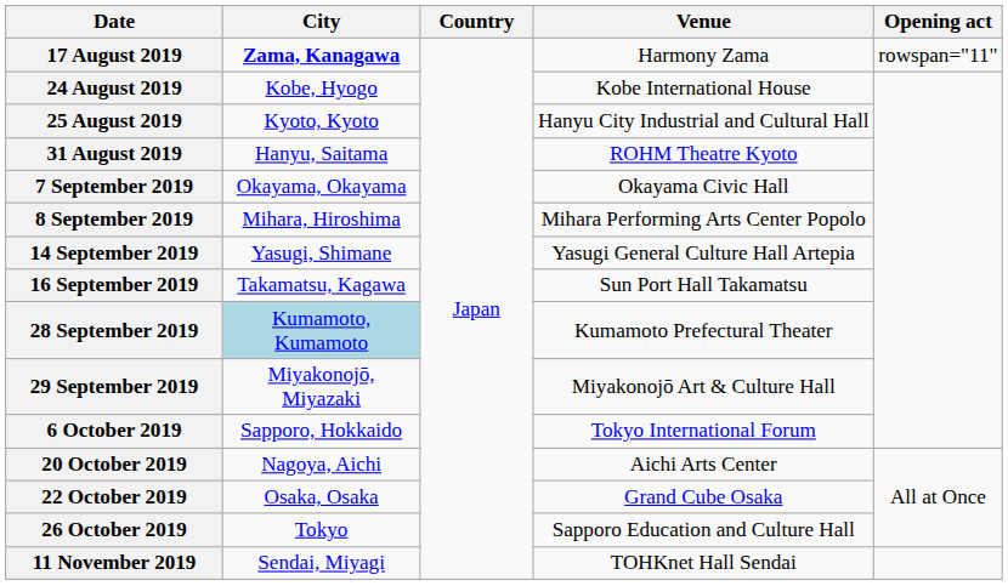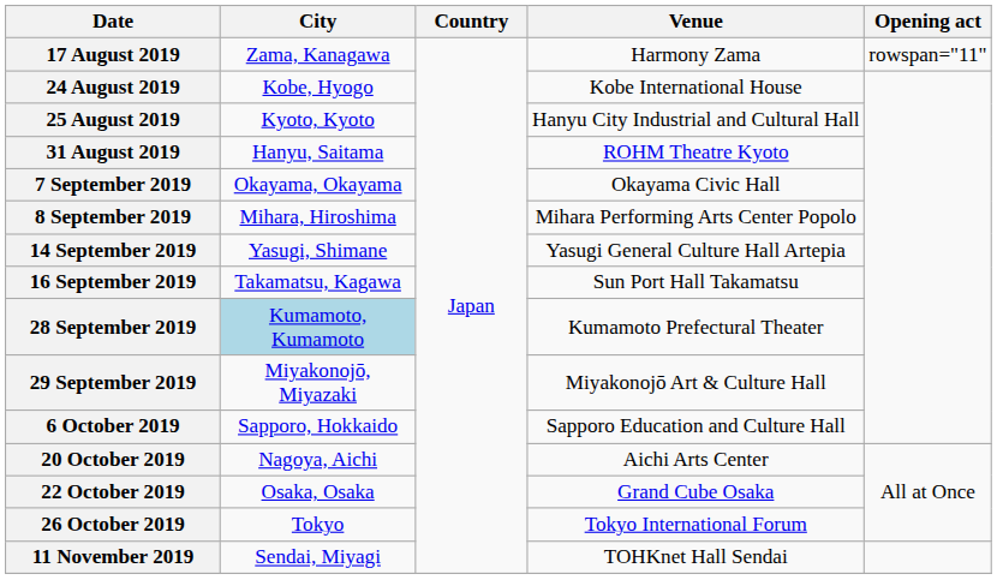 <table class="wikitable plainrowheaders" style="text-align:center;">
 <tr>
 <th scope="col" style="width:10em;">Date</th>
 <th scope="col" style="width:9em;">City</th>
 <th scope="col" style="width:5em;">Country</th>
 <th scope="col">Venue</th>
 <th scope="col">Opening act</th>
 </tr>
 <tr>
 <th scope="row" style="text-align:center;">17 August 2019</th>
-<td><strong><a href='#'>Zama, Kanagawa</a></strong></td>
+<td><a href='#'>Zama, Kanagawa</a></td>
 <td rowspan="15"><a href='#'>Japan</a></td>
 <td>Harmony Zama</td>
 <td>rowspan="11" </td>
 </tr>
 <tr>
 <th scope="row" style="text-align:center;">24 August 2019</th>
 <td><a href='#'>Kobe, Hyogo</a></td>
 <td>Kobe International House</td>
 </tr>
 <tr>
 <th scope="row" style="text-align:center;">25 August 2019</th>
 <td><a href='#'>Kyoto, Kyoto</a></td>
 <td>Hanyu City Industrial and Cultural Hall</td>
 </tr>
 <tr>
 <th scope="row" style="text-align:center;">31 August 2019</th>
 <td><a href='#'>Hanyu, Saitama</a></td>
 <td><a href='#'>ROHM Theatre Kyoto</a></td>
 </tr>
 <tr>
 <th scope="row" style="text-align:center;">7 September 2019</th>
 <td><a href='#'>Okayama, Okayama</a></td>
 <td>Okayama Civic Hall</td>
 </tr>
 <tr>
 <th scope="row" style="text-align:center;">8 September 2019</th>
 <td><a href='#'>Mihara, Hiroshima</a></td>
 <td>Mihara Performing Arts Center Popolo</td>
 </tr>
 <tr>
 <th scope="row" style="text-align:center;">14 September 2019</th>
 <td><a href='#'>Yasugi, Shimane</a></td>
 <td>Yasugi General Culture Hall Artepia</td>
 </tr>
 <tr>
 <th scope="row" style="text-align:center;">16 September 2019</th>
 <td><a href='#'>Takamatsu, Kagawa</a></td>
 <td>Sun Port Hall Takamatsu</td>
 </tr>
 <tr>
 <th scope="row" style="text-align:center;">28 September 2019</th>
 <td style="background: lightblue;"><a href='#'>Kumamoto, Kumamoto</a></td>
 <td>Kumamoto Prefectural Theater</td>
 </tr>
 <tr>
 <th scope="row" style="text-align:center;">29 September 2019</th>
 <td><a href='#'>Miyakonojō, Miyazaki</a></td>
 <td>Miyakonojō Art & Culture Hall</td>
 </tr>
 <tr>
 <th scope="row" style="text-align:center;">6 October 2019</th>
 <td><a href='#'>Sapporo, Hokkaido</a></td>
-<td><a href='#'>Tokyo International Forum</a></td>
+<td>Sapporo Education and Culture Hall</td>
 </tr>
 <tr>
 <th scope="row" style="text-align:center;">20 October 2019</th>
 <td><a href='#'>Nagoya, Aichi</a></td>
 <td>Aichi Arts Center</td>
 <td rowspan="3">All at Once</td>
 </tr>
 <tr>
 <th scope="row" style="text-align:center;">22 October 2019</th>
 <td><a href='#'>Osaka, Osaka</a></td>
 <td><a href='#'>Grand Cube Osaka</a></td>
 </tr>
 <tr>
 <th scope="row" style="text-align:center;">26 October 2019</th>
 <td><a href='#'>Tokyo</a></td>
-<td>Sapporo Education and Culture Hall</td>
+<td><a href='#'>Tokyo International Forum</a></td>
 </tr>
 <tr>
 <th scope="row" style="text-align:center;">11 November 2019</th>
 <td><a href='#'>Sendai, Miyagi</a></td>
 <td>TOHKnet Hall Sendai</td>
 <td></td>
 </tr>
 <tr>
 </tr>
 </table>
